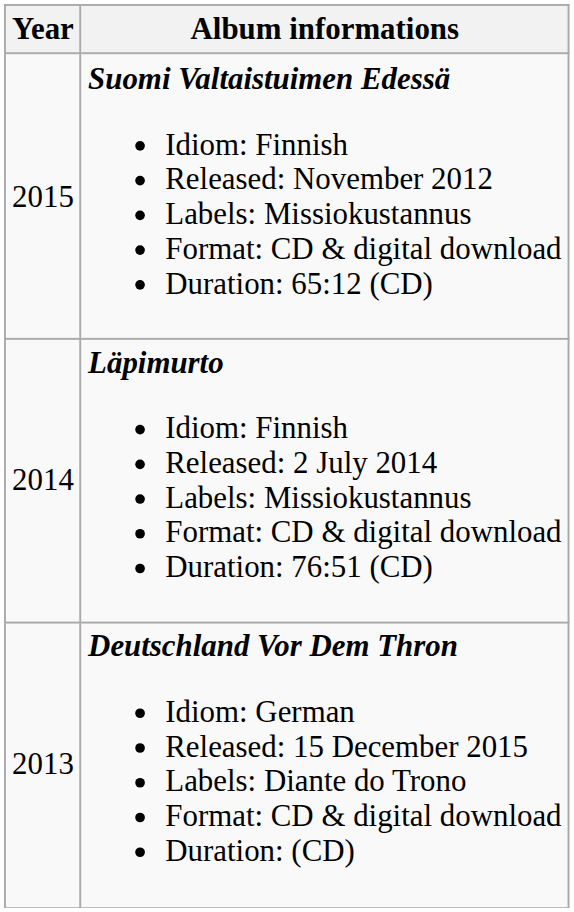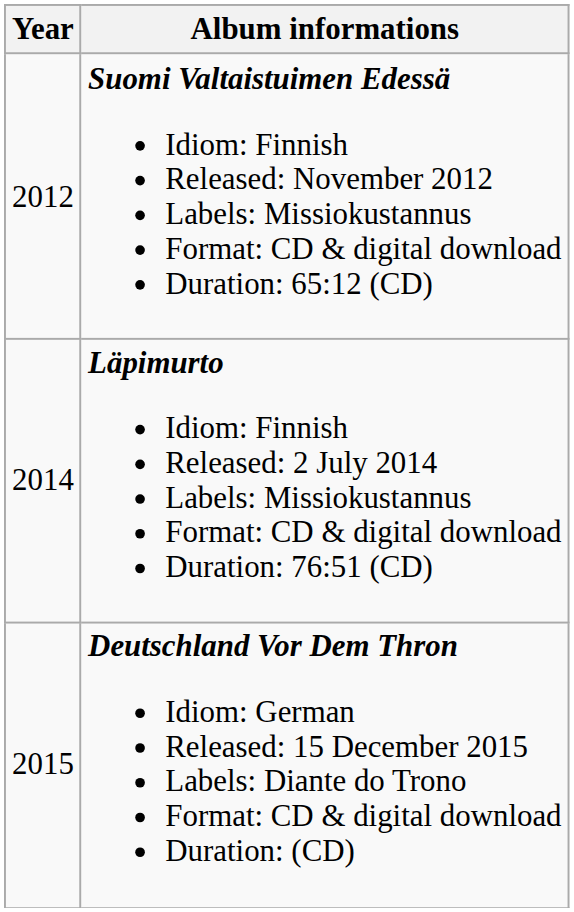 <table class="wikitable">
 <tr>
 <th>Year</th>
 <th>Album informations</th>
 </tr>
 <tr>
-<td>2015</td>
+<td>2012</td>
 <td><strong><em>Suomi Valtaistuimen Edessä</em></strong><br><ul><li>Idiom: Finnish</li><li>Released: November 2012</li><li>Labels: Missiokustannus</li><li>Format: CD & digital download</li><li>Duration: 65:12 (CD)</li></ul></td>
 </tr>
 <tr>
 <td>2014</td>
 <td><strong><em>Läpimurto</em></strong><br><ul><li>Idiom: Finnish</li><li>Released: 2 July 2014</li><li>Labels: Missiokustannus</li><li>Format: CD & digital download</li><li>Duration: 76:51 (CD)</li></ul></td>
 </tr>
 <tr>
-<td>2013</td>
+<td>2015</td>
 <td><strong><em>Deutschland Vor Dem Thron</em></strong><br><ul><li>Idiom: German</li><li>Released: 15 December 2015</li><li>Labels: Diante do Trono</li><li>Format: CD & digital download</li><li>Duration: (CD)</li></ul></td>
 </tr>
 </table>
